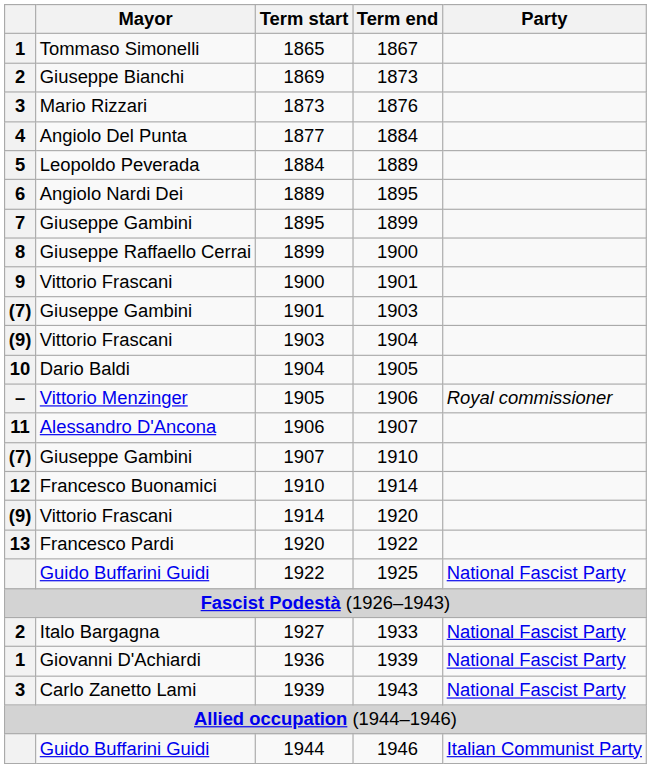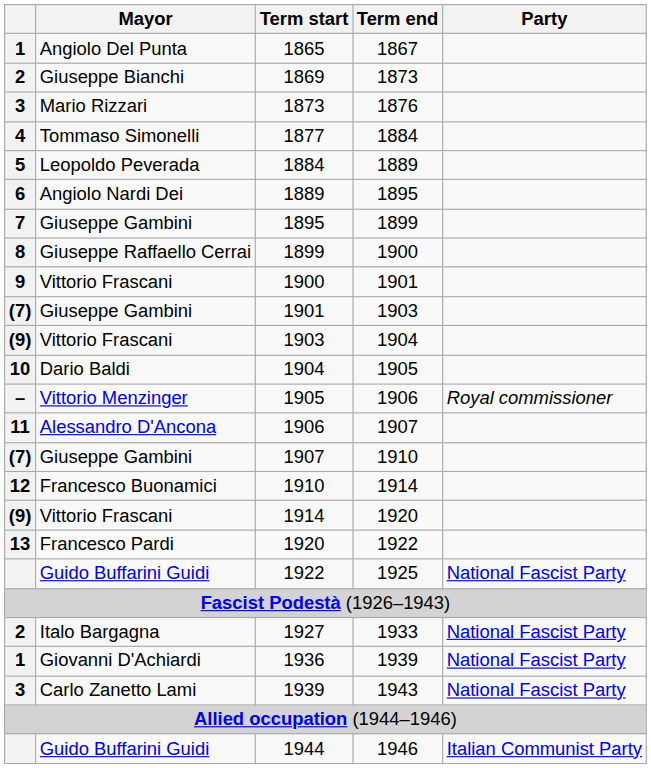 <table class="wikitable">
 <tr>
 <th class=unsortable> </th>
 <th>Mayor</th>
 <th>Term start</th>
 <th>Term end</th>
 <th>Party</th>
 </tr>
 <tr>
 <th rowspan=1 style="background:">1</th>
-<td>Tommaso Simonelli</td>
+<td>Angiolo Del Punta</td>
 <td align=center>1865</td>
 <td align=center>1867</td>
 <td></td>
 </tr>
 <tr>
 <th rowspan=1 style="background:">2</th>
 <td>Giuseppe Bianchi</td>
 <td align=center>1869</td>
 <td align=center>1873</td>
 <td></td>
 </tr>
 <tr>
 <th rowspan=1 style="background:">3</th>
 <td>Mario Rizzari</td>
 <td align=center>1873</td>
 <td align=center>1876</td>
 <td></td>
 </tr>
 <tr>
 <th rowspan=1 style="background:">4</th>
-<td>Angiolo Del Punta</td>
+<td>Tommaso Simonelli</td>
 <td align=center>1877</td>
 <td align=center>1884</td>
 <td></td>
 </tr>
 <tr>
 <th rowspan=1 style="background:">5</th>
 <td>Leopoldo Peverada</td>
 <td align=center>1884</td>
 <td align=center>1889</td>
 <td></td>
 </tr>
 <tr>
 <th rowspan=1 style="background:">6</th>
 <td>Angiolo Nardi Dei</td>
 <td align=center>1889</td>
 <td align=center>1895</td>
 <td></td>
 </tr>
 <tr>
 <th rowspan=1 style="background:">7</th>
 <td>Giuseppe Gambini</td>
 <td align=center>1895</td>
 <td align=center>1899</td>
 <td></td>
 </tr>
 <tr>
 <th rowspan=1 style="background:">8</th>
 <td>Giuseppe Raffaello Cerrai</td>
 <td align=center>1899</td>
 <td align=center>1900</td>
 <td></td>
 </tr>
 <tr>
 <th rowspan=1 style="background:">9</th>
 <td>Vittorio Frascani</td>
 <td align=center>1900</td>
 <td align=center>1901</td>
 <td></td>
 </tr>
 <tr>
 <th rowspan=1 style="background:">(7)</th>
 <td>Giuseppe Gambini</td>
 <td align=center>1901</td>
 <td align=center>1903</td>
 <td></td>
 </tr>
 <tr>
 <th rowspan=1 style="background:">(9)</th>
 <td>Vittorio Frascani</td>
 <td align=center>1903</td>
 <td align=center>1904</td>
 <td></td>
 </tr>
 <tr>
 <th rowspan=1 style="background:">10</th>
 <td>Dario Baldi</td>
 <td align=center>1904</td>
 <td align=center>1905</td>
 <td></td>
 </tr>
 <tr>
 <th rowspan=1 style="background:">–</th>
 <td><a href='#'>Vittorio Menzinger</a></td>
 <td align=center>1905</td>
 <td align=center>1906</td>
 <td><em>Royal commissioner</em></td>
 </tr>
 <tr>
 <th rowspan=1 style="background:">11</th>
 <td><a href='#'>Alessandro D'Ancona</a></td>
 <td align=center>1906</td>
 <td align=center>1907</td>
 <td></td>
 </tr>
 <tr>
 <th rowspan=1 style="background:">(7)</th>
 <td>Giuseppe Gambini</td>
 <td align=center>1907</td>
 <td align=center>1910</td>
 <td></td>
 </tr>
 <tr>
 <th rowspan=1 style="background:">12</th>
 <td>Francesco Buonamici</td>
 <td align=center>1910</td>
 <td align=center>1914</td>
 <td></td>
 </tr>
 <tr>
 <th rowspan=1 style="background:">(9)</th>
 <td>Vittorio Frascani</td>
 <td align=center>1914</td>
 <td align=center>1920</td>
 <td></td>
 </tr>
 <tr>
 <th rowspan=1 style="background:">13</th>
 <td>Francesco Pardi</td>
 <td align=center>1920</td>
 <td align=center>1922</td>
 <td></td>
 </tr>
 <tr>
 <th rowspan=1 style="background:"></th>
 <td><a href='#'>Guido Buffarini Guidi</a></td>
 <td align=center>1922</td>
 <td align=center>1925</td>
 <td><a href='#'>National Fascist Party</a></td>
 </tr>
 <tr>
 <td colspan="8" bgcolor="lightgrey" align=center><strong><a href='#'>Fascist Podestà</a></strong> (1926–1943)</td>
 </tr>
 <tr>
 <th rowspan=1 style="background:">2</th>
 <td>Italo Bargagna</td>
 <td align=center>1927</td>
 <td align=center>1933</td>
 <td><a href='#'>National Fascist Party</a></td>
 </tr>
 <tr>
 <th rowspan=1 style="background:">1</th>
 <td>Giovanni D'Achiardi</td>
 <td align=center>1936</td>
 <td align=center>1939</td>
 <td><a href='#'>National Fascist Party</a></td>
 </tr>
 <tr>
 <th rowspan=1 style="background:">3</th>
 <td>Carlo Zanetto Lami</td>
 <td align=center>1939</td>
 <td align=center>1943</td>
 <td><a href='#'>National Fascist Party</a></td>
 </tr>
 <tr>
 <td colspan="8" bgcolor="lightgrey" align=center><strong><a href='#'>Allied occupation</a></strong> (1944–1946)</td>
 </tr>
 <tr>
 <th rowspan=1 style="background:"></th>
 <td><a href='#'>Guido Buffarini Guidi</a></td>
 <td align=center>1944</td>
 <td align=center>1946</td>
 <td><a href='#'>Italian Communist Party</a></td>
 </tr>
 </table>
